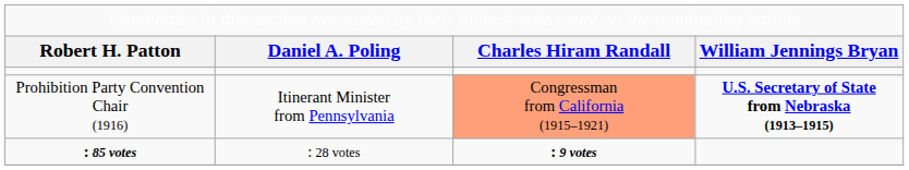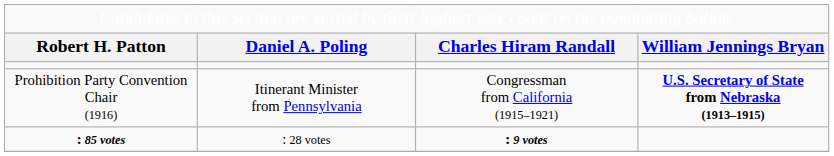 <table class="wikitable" style="font-size:90%">
 <tr>
 <td colspan="7" style="text-align:center; width:800px; font-size:120%; color:white; background:"><em>Candidates in this section are sorted by their highest vote count on the nominating ballots</em></td>
 </tr>
 <tr>
 <th scope="col" style="width:3em; font-size:120%;">Robert H. Patton</th>
 <th scope="col" style="width:3em; font-size:120%;"><a href='#'>Daniel A. Poling</a></th>
 <th scope="col" style="width:3em; font-size:120%;"><a href='#'>Charles Hiram Randall</a></th>
 <th scope="col" style="width:3em; font-size:120%;"><a href='#'>William Jennings Bryan</a></th>
 </tr>
 <tr>
 <td></td>
 <td></td>
 <td></td>
 <td></td>
 </tr>
 <tr style="text-align:center">
 <td>Prohibition Party Convention Chair<br><small>(1916)</small></td>
 <td>Itinerant Minister<br>from <a href='#'>Pennsylvania</a></td>
-<td style="background: lightsalmon;">Congressman<br>from <a href='#'>California</a><br><small>(1915–1921)</small></td>
+<td>Congressman<br>from <a href='#'>California</a><br><small>(1915–1921)</small></td>
 <td><strong><a href='#'>U.S. Secretary of State</a><br>from <a href='#'>Nebraska</a><br><small>(1913–1915)</small></strong></td>
 </tr>
 <tr style="text-align:center">
 <td><strong>:<strong><em><small> 85 votes</small><em></td>
 <td></strong>:</em></strong><small> 28 votes</small></em></td>
 <td><strong>:<strong><em><small> 9 votes</small><em></td>
 <td></strong><strong></td>
 </tr>
 <tr>
 </tr>
 </table>
